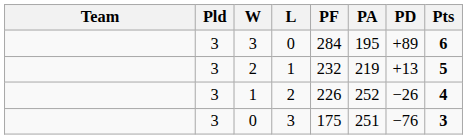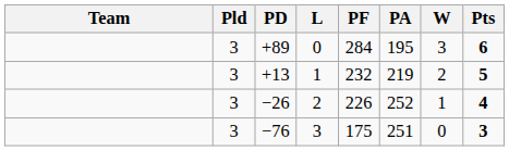 <table class=wikitable style="text-align:center">
 <tr>
 <th width=180>Team</th>
 <th width=30>Pld</th>
-<th width=30>W</th>
+<th width=30>PD</th>
 <th width=30>L</th>
 <th width=30>PF</th>
 <th width=30>PA</th>
-<th width=30>PD</th>
+<th width=30>W</th>
 <th width=30>Pts</th>
 </tr>
 <tr>
 <td align="left"></td>
 <td>3</td>
-<td>3</td>
+<td>+89</td>
 <td>0</td>
 <td>284</td>
 <td>195</td>
-<td>+89</td>
+<td>3</td>
 <td><strong>6</strong></td>
 </tr>
 <tr>
 <td align="left"></td>
 <td>3</td>
-<td>2</td>
+<td>+13</td>
 <td>1</td>
 <td>232</td>
 <td>219</td>
-<td>+13</td>
+<td>2</td>
 <td><strong>5</strong></td>
 </tr>
 <tr>
 <td align="left"></td>
 <td>3</td>
-<td>1</td>
+<td>−26</td>
 <td>2</td>
 <td>226</td>
 <td>252</td>
-<td>−26</td>
+<td>1</td>
 <td><strong>4</strong></td>
 </tr>
 <tr>
 <td align="left"></td>
 <td>3</td>
-<td>0</td>
+<td>−76</td>
 <td>3</td>
 <td>175</td>
 <td>251</td>
-<td>−76</td>
+<td>0</td>
 <td><strong>3</strong></td>
 </tr>
 </table>
